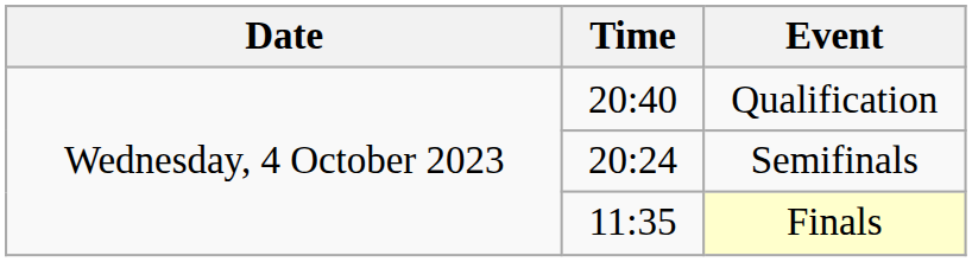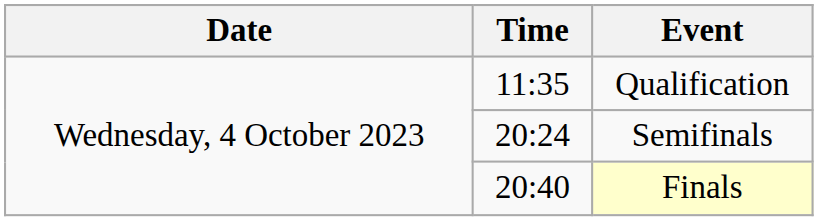 <table class = "wikitable" style="text-align:center;">
 <tr>
 <th width=220>Date</th>
 <th width=50>Time</th>
 <th width=100>Event</th>
 </tr>
 <tr>
 <td rowspan=3>Wednesday, 4 October 2023</td>
-<td>20:40</td>
+<td>11:35</td>
 <td>Qualification</td>
 </tr>
 <tr>
 <td>20:24</td>
 <td>Semifinals</td>
 </tr>
 <tr>
-<td>11:35</td>
+<td>20:40</td>
 <td bgcolor=ffffcc>Finals</td>
 </tr>
 </table>
